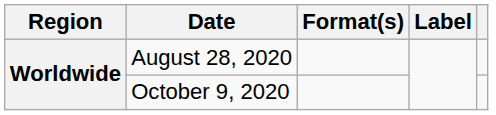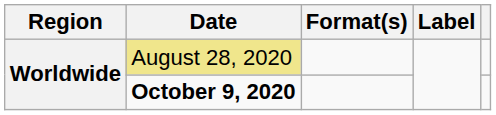 <table class="wikitable plainrowheaders">
 <tr>
 <th scope="col">Region</th>
 <th scope="col">Date</th>
 <th scope="col">Format(s)</th>
 <th scope="col">Label</th>
 <th scope="col"></th>
 </tr>
 <tr>
 <th scope="row" rowspan="2">Worldwide</th>
-<td>August 28, 2020</td>
+<td style="background: khaki;">August 28, 2020</td>
 <td></td>
 <td rowspan="2"></td>
 <td></td>
 </tr>
 <tr>
-<td>October 9, 2020</td>
+<td><strong>October 9, 2020</strong></td>
 <td></td>
 <td></td>
 </tr>
 </table>
